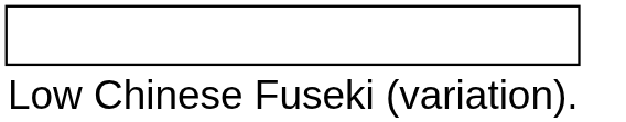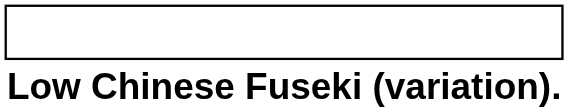 <table style="margin:1em;">
 <tr>
 <td style="border: solid thin; padding: 2px;"><br></td>
 </tr>
 <tr>
-<td style="text-align:center">Low Chinese Fuseki (variation).</td>
+<td style="text-align:center"><strong>Low Chinese Fuseki (variation).</strong></td>
 </tr>
 </table>
